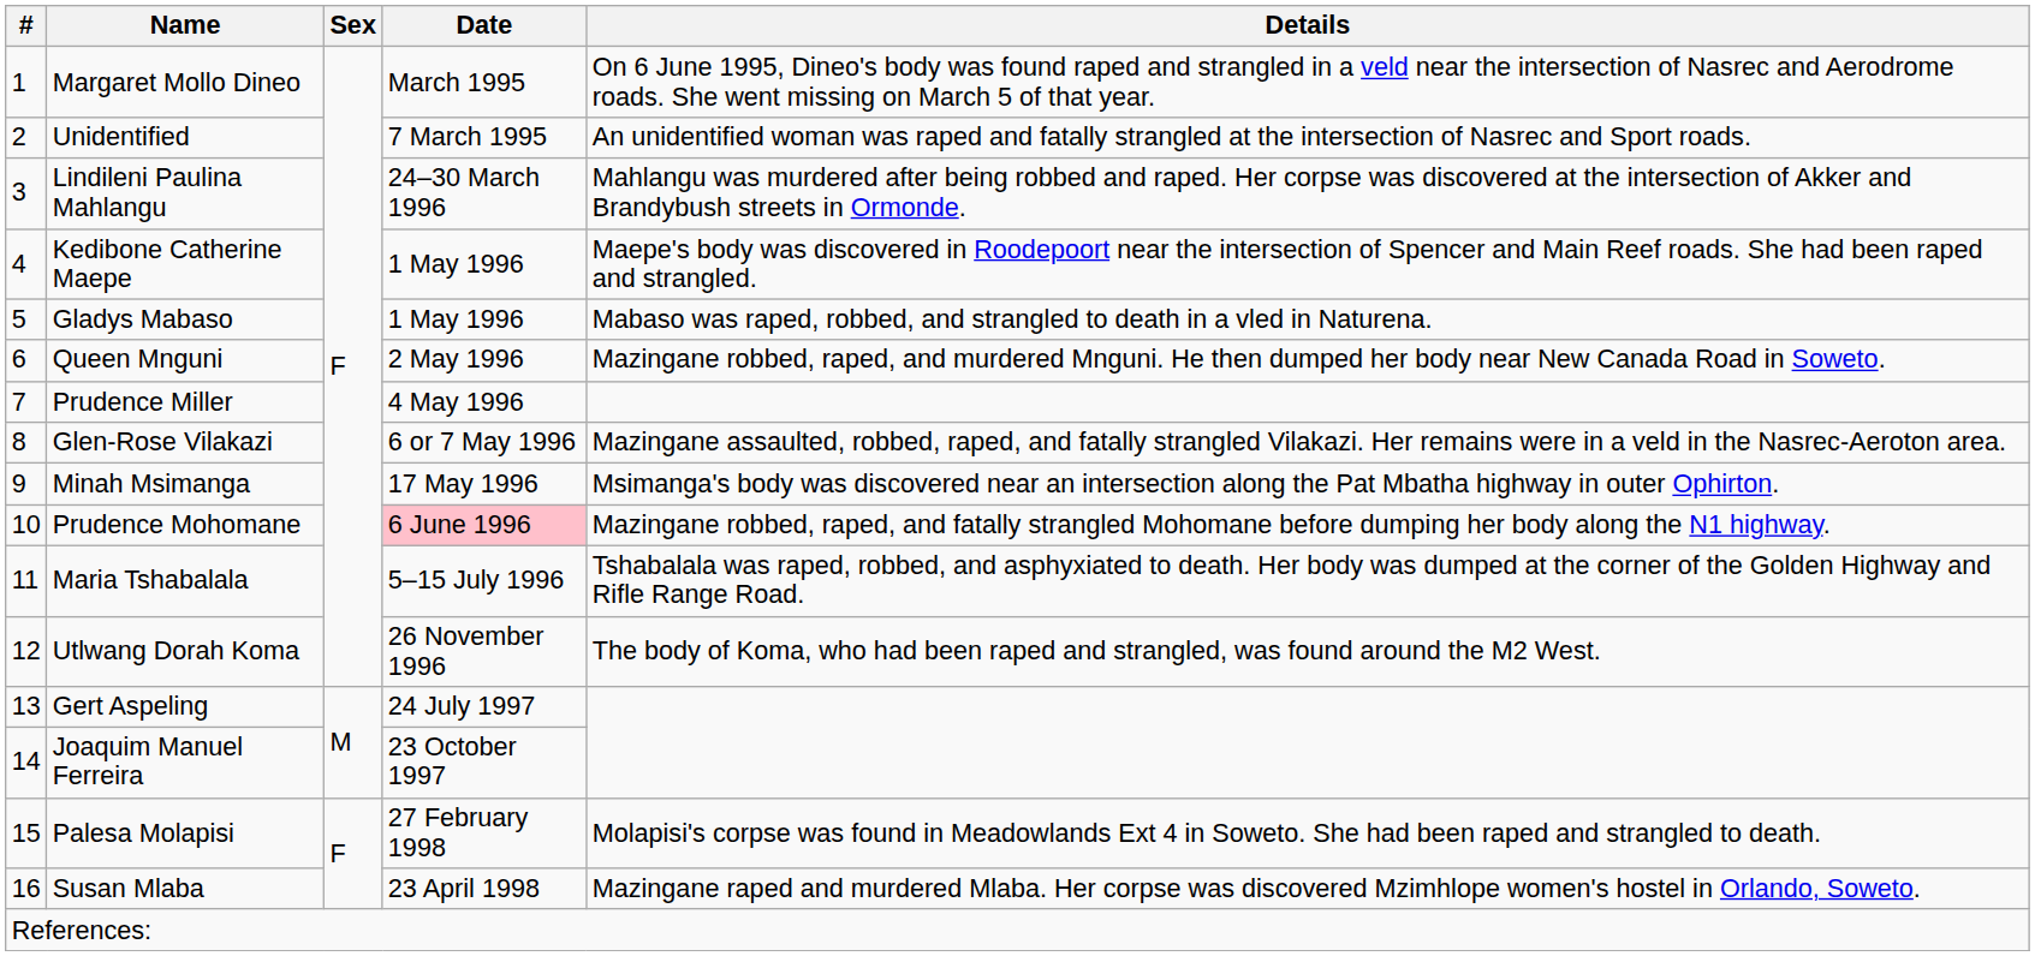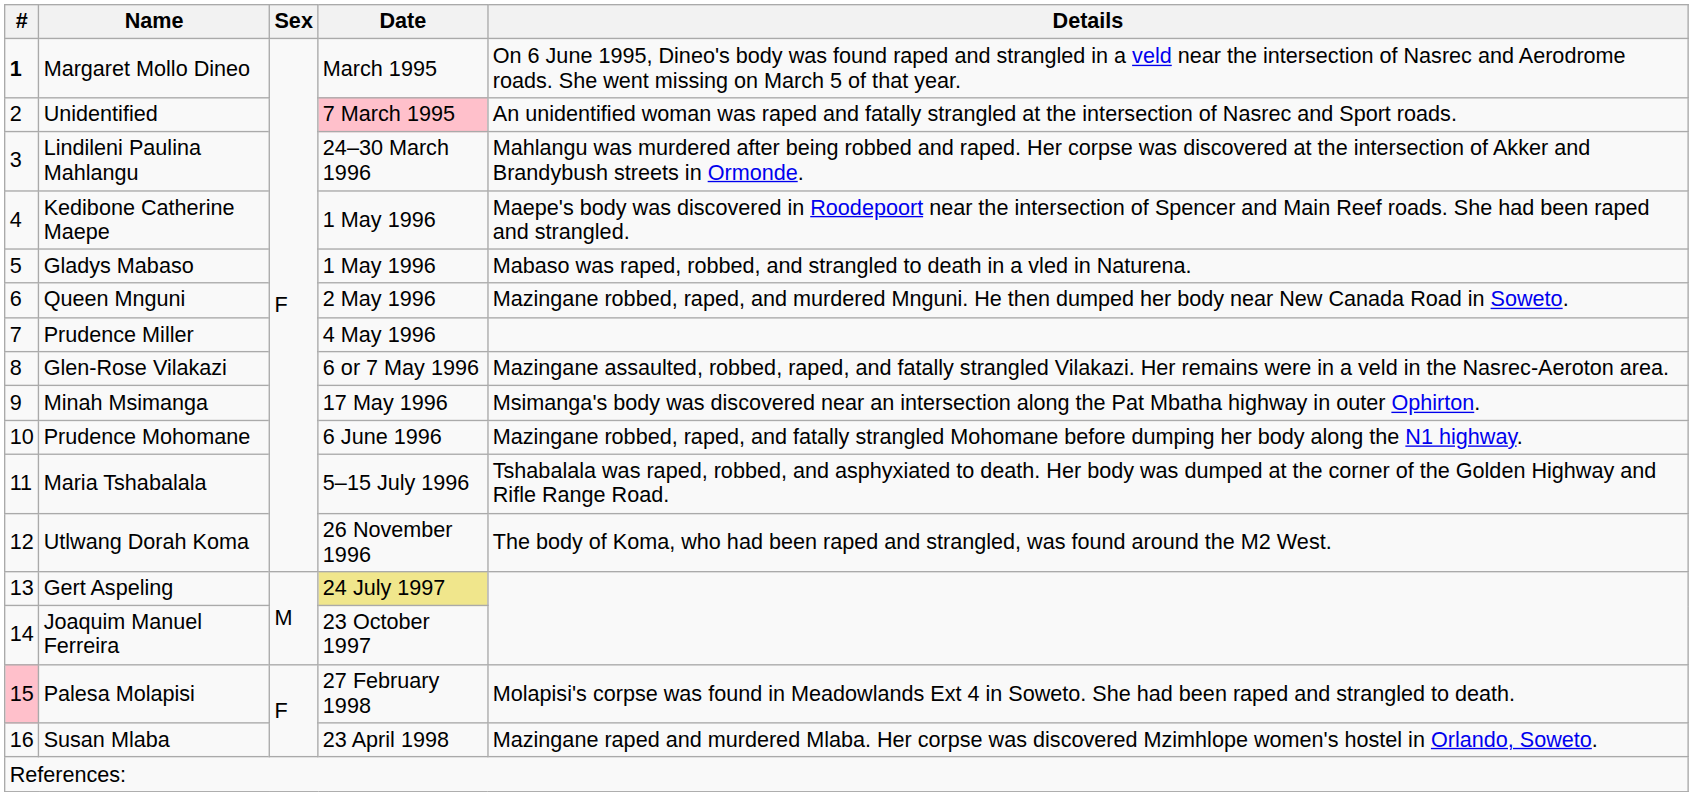 <table class="wikitable">
 <tr>
 <th>#</th>
 <th>Name</th>
 <th>Sex</th>
 <th>Date</th>
 <th>Details</th>
 </tr>
 <tr>
-<td>1</td>
+<td><strong>1</strong></td>
 <td>Margaret Mollo Dineo</td>
 <td rowspan="12">F</td>
 <td>March 1995</td>
 <td>On 6 June 1995, Dineo's body was found raped and strangled in a <a href='#'>veld</a> near the intersection of Nasrec and Aerodrome roads. She went missing on March 5 of that year.</td>
 </tr>
 <tr>
 <td>2</td>
 <td>Unidentified</td>
-<td>7 March 1995</td>
+<td style="background: pink;">7 March 1995</td>
 <td>An unidentified woman was raped and fatally strangled at the intersection of Nasrec and Sport roads.</td>
 </tr>
 <tr>
 <td>3</td>
 <td>Lindileni Paulina Mahlangu</td>
 <td>24–30 March 1996</td>
 <td>Mahlangu was murdered after being robbed and raped. Her corpse was discovered at the intersection of Akker and Brandybush streets in <a href='#'>Ormonde</a>.</td>
 </tr>
 <tr>
 <td>4</td>
 <td>Kedibone Catherine Maepe</td>
 <td>1 May 1996</td>
 <td>Maepe's body was discovered in <a href='#'>Roodepoort</a> near the intersection of Spencer and Main Reef roads. She had been raped and strangled.</td>
 </tr>
 <tr>
 <td>5</td>
 <td>Gladys Mabaso</td>
 <td>1 May 1996</td>
 <td>Mabaso was raped, robbed, and strangled to death in a vled in Naturena.</td>
 </tr>
 <tr>
 <td>6</td>
 <td>Queen Mnguni</td>
 <td>2 May 1996</td>
 <td>Mazingane robbed, raped, and murdered Mnguni. He then dumped her body near New Canada Road in <a href='#'>Soweto</a>.</td>
 </tr>
 <tr>
 <td>7</td>
 <td>Prudence Miller</td>
 <td>4 May 1996</td>
 <td></td>
 </tr>
 <tr>
 <td>8</td>
 <td>Glen-Rose Vilakazi</td>
 <td>6 or 7 May 1996</td>
 <td>Mazingane assaulted, robbed, raped, and fatally strangled Vilakazi. Her remains were in a veld in the Nasrec-Aeroton area.</td>
 </tr>
 <tr>
 <td>9</td>
 <td>Minah Msimanga</td>
 <td>17 May 1996</td>
 <td>Msimanga's body was discovered near an intersection along the Pat Mbatha highway in outer <a href='#'>Ophirton</a>.</td>
 </tr>
 <tr>
 <td>10</td>
 <td>Prudence Mohomane</td>
-<td style="background: pink;">6 June 1996</td>
+<td>6 June 1996</td>
 <td>Mazingane robbed, raped, and fatally strangled Mohomane before dumping her body along the <a href='#'>N1 highway</a>.</td>
 </tr>
 <tr>
 <td>11</td>
 <td>Maria Tshabalala</td>
 <td>5–15 July 1996</td>
 <td>Tshabalala was raped, robbed, and asphyxiated to death. Her body was dumped at the corner of the Golden Highway and Rifle Range Road.</td>
 </tr>
 <tr>
 <td>12</td>
 <td>Utlwang Dorah Koma</td>
 <td>26 November 1996</td>
 <td>The body of Koma, who had been raped and strangled, was found around the M2 West.</td>
 </tr>
 <tr>
 <td>13</td>
 <td>Gert Aspeling</td>
 <td rowspan="2">M</td>
-<td>24 July 1997</td>
+<td style="background: khaki;">24 July 1997</td>
 <td rowspan="2"></td>
 </tr>
 <tr>
 <td>14</td>
 <td>Joaquim Manuel Ferreira</td>
 <td>23 October 1997</td>
 </tr>
 <tr>
-<td>15</td>
+<td style="background: pink;">15</td>
 <td>Palesa Molapisi</td>
 <td rowspan="2">F</td>
 <td>27 February 1998</td>
 <td>Molapisi's corpse was found in Meadowlands Ext 4 in Soweto. She had been raped and strangled to death.</td>
 </tr>
 <tr>
 <td>16</td>
 <td>Susan Mlaba</td>
 <td>23 April 1998</td>
 <td>Mazingane raped and murdered Mlaba. Her corpse was discovered Mzimhlope women's hostel in <a href='#'>Orlando, Soweto</a>.</td>
 </tr>
 <tr>
 <td colspan="5">References:</td>
 </tr>
 </table>
